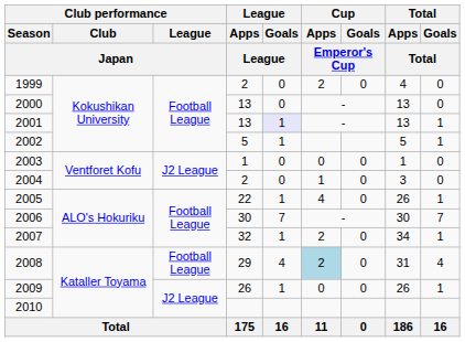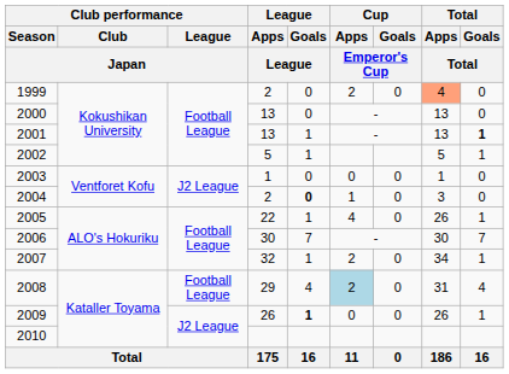 <table class="wikitable" style="text-align:center;">
 <tr>
 <th colspan=3>Club performance</th>
 <th colspan=2>League</th>
 <th colspan=2>Cup</th>
 <th colspan=2>Total</th>
 </tr>
 <tr>
 <th>Season</th>
 <th>Club</th>
 <th>League</th>
 <th>Apps</th>
 <th>Goals</th>
 <th>Apps</th>
 <th>Goals</th>
 <th>Apps</th>
 <th>Goals</th>
 </tr>
 <tr>
 <th colspan=3>Japan</th>
 <th colspan=2>League</th>
 <th colspan=2><a href='#'>Emperor's Cup</a></th>
 <th colspan=2>Total</th>
 </tr>
 <tr>
 <td>1999</td>
 <td rowspan="4"><a href='#'>Kokushikan University</a></td>
 <td rowspan="4"><a href='#'>Football League</a></td>
 <td>2</td>
 <td>0</td>
 <td>2</td>
 <td>0</td>
-<td>4</td>
+<td style="background: lightsalmon;">4</td>
 <td>0</td>
 </tr>
 <tr>
 <td>2000</td>
 <td>13</td>
 <td>0</td>
 <td colspan="2">-</td>
 <td>13</td>
 <td>0</td>
 </tr>
 <tr>
 <td>2001</td>
 <td>13</td>
-<td style="background: lavender;">1</td>
+<td>1</td>
 <td colspan="2">-</td>
 <td>13</td>
-<td>1</td>
+<td><strong>1</strong></td>
 </tr>
 <tr>
 <td>2002</td>
 <td>5</td>
 <td>1</td>
 <td></td>
 <td></td>
 <td>5</td>
 <td>1</td>
 </tr>
 <tr>
 <td>2003</td>
 <td rowspan="2"><a href='#'>Ventforet Kofu</a></td>
 <td rowspan="2"><a href='#'>J2 League</a></td>
 <td>1</td>
 <td>0</td>
 <td>0</td>
 <td>0</td>
 <td>1</td>
 <td>0</td>
 </tr>
 <tr>
 <td>2004</td>
 <td>2</td>
-<td>0</td>
+<td><strong>0</strong></td>
 <td>1</td>
 <td>0</td>
 <td>3</td>
 <td>0</td>
 </tr>
 <tr>
 <td>2005</td>
 <td rowspan="3"><a href='#'>ALO's Hokuriku</a></td>
 <td rowspan="3"><a href='#'>Football League</a></td>
 <td>22</td>
 <td>1</td>
 <td>4</td>
 <td>0</td>
 <td>26</td>
 <td>1</td>
 </tr>
 <tr>
 <td>2006</td>
 <td>30</td>
 <td>7</td>
 <td colspan="2">-</td>
 <td>30</td>
 <td>7</td>
 </tr>
 <tr>
 <td>2007</td>
 <td>32</td>
 <td>1</td>
 <td>2</td>
 <td>0</td>
 <td>34</td>
 <td>1</td>
 </tr>
 <tr>
 <td>2008</td>
 <td rowspan="3"><a href='#'>Kataller Toyama</a></td>
 <td><a href='#'>Football League</a></td>
 <td>29</td>
 <td>4</td>
 <td style="background: lightblue;">2</td>
 <td>0</td>
 <td>31</td>
 <td>4</td>
 </tr>
 <tr>
 <td>2009</td>
 <td rowspan="2"><a href='#'>J2 League</a></td>
 <td>26</td>
-<td>1</td>
+<td><strong>1</strong></td>
 <td>0</td>
 <td>0</td>
 <td>26</td>
 <td>1</td>
 </tr>
 <tr>
 <td>2010</td>
 <td></td>
 <td></td>
 <td></td>
 <td></td>
 <td></td>
 <td></td>
 </tr>
 <tr>
 <th colspan=3>Total</th>
 <th>175</th>
 <th>16</th>
 <th>11</th>
 <th>0</th>
 <th>186</th>
 <th>16</th>
 </tr>
 </table>
